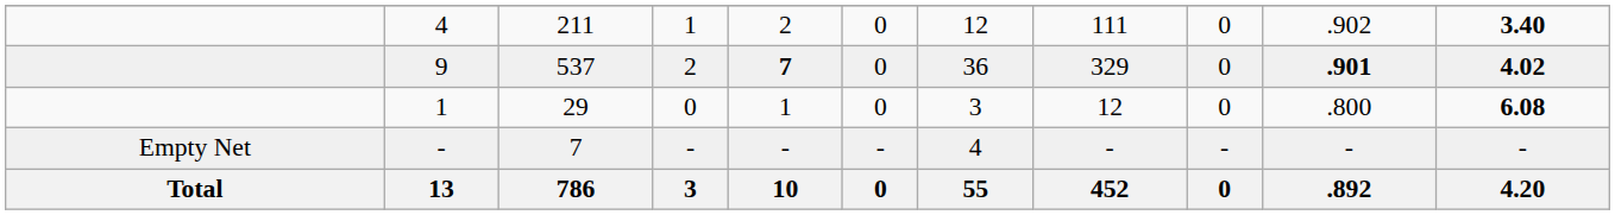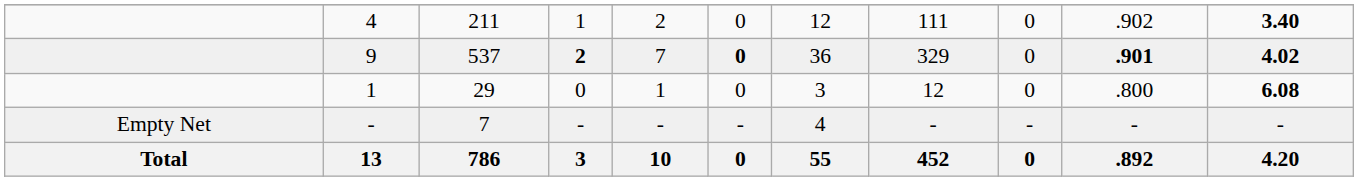 <table class="wikitable sortable" width ="1000">
 <tr align="center">
 </tr>
 <tr align="center" bgcolor="">
 <td></td>
 <td>4</td>
 <td>211</td>
 <td>1</td>
 <td>2</td>
 <td>0</td>
 <td>12</td>
 <td>111</td>
 <td>0</td>
 <td>.902</td>
 <td><strong>3.40</strong></td>
 </tr>
 <tr align="center" bgcolor="f0f0f0">
 <td></td>
 <td>9</td>
 <td>537</td>
-<td>2</td>
-<td><strong>7</strong></td>
-<td>0</td>
+<td><strong>2</strong></td>
+<td>7</td>
+<td><strong>0</strong></td>
 <td>36</td>
 <td>329</td>
 <td>0</td>
 <td><strong>.901</strong></td>
 <td><strong>4.02</strong></td>
 </tr>
 <tr align="center" bgcolor="">
 <td></td>
 <td>1</td>
 <td>29</td>
 <td>0</td>
 <td>1</td>
 <td>0</td>
 <td>3</td>
 <td>12</td>
 <td>0</td>
 <td>.800</td>
 <td><strong>6.08</strong></td>
 </tr>
 <tr align="center" bgcolor="f0f0f0">
 <td>Empty Net</td>
 <td>-</td>
 <td>7</td>
 <td>-</td>
 <td>-</td>
 <td>-</td>
 <td>4</td>
 <td>-</td>
 <td>-</td>
 <td>-</td>
 <td>-</td>
 </tr>
 <tr>
 <th>Total</th>
 <th>13</th>
 <th>786</th>
 <th>3</th>
 <th>10</th>
 <th>0</th>
 <th>55</th>
 <th>452</th>
 <th>0</th>
 <th>.892</th>
 <th>4.20</th>
 </tr>
 </table>
